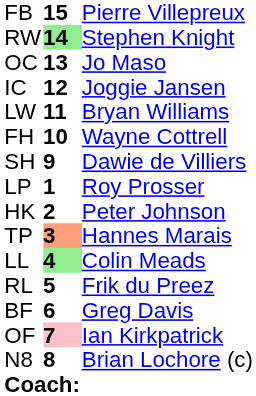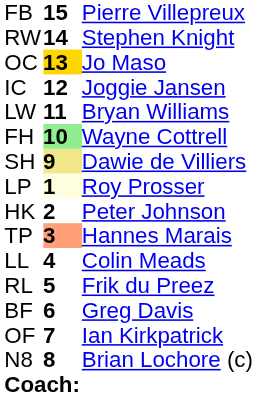 <table cellspacing="0" cellpadding="0" style="font-size:90%; margin:0.2em auto;">
 <tr>
 <th width="25"></th>
 <th width="25"></th>
 </tr>
 <tr>
 <td>FB</td>
 <td><strong>15</strong></td>
 <td><a href='#'>Pierre Villepreux</a></td>
 </tr>
 <tr>
 <td>RW</td>
-<td style="background: lightgreen;"><strong>14</strong></td>
+<td><strong>14</strong></td>
 <td><a href='#'>Stephen Knight</a></td>
 </tr>
 <tr>
 <td>OC</td>
-<td><strong>13</strong></td>
+<td style="background: gold;"><strong>13</strong></td>
 <td><a href='#'>Jo Maso</a></td>
 </tr>
 <tr>
 <td>IC</td>
 <td><strong>12</strong></td>
 <td><a href='#'>Joggie Jansen</a></td>
 </tr>
 <tr>
 <td>LW</td>
 <td><strong>11</strong></td>
 <td><a href='#'>Bryan Williams</a></td>
 </tr>
 <tr>
 <td>FH</td>
-<td><strong>10</strong></td>
+<td style="background: lightgreen;"><strong>10</strong></td>
 <td><a href='#'>Wayne Cottrell</a></td>
 </tr>
 <tr>
 <td>SH</td>
-<td><strong>9</strong></td>
+<td style="background: khaki;"><strong>9</strong></td>
 <td><a href='#'>Dawie de Villiers</a></td>
 </tr>
 <tr>
 <td>LP</td>
-<td><strong>1</strong></td>
+<td style="background: lightyellow;"><strong>1</strong></td>
 <td><a href='#'>Roy Prosser</a></td>
 </tr>
 <tr>
 <td>HK</td>
 <td><strong>2</strong></td>
 <td><a href='#'>Peter Johnson</a></td>
 </tr>
 <tr>
 <td>TP</td>
 <td style="background: lightsalmon;"><strong>3</strong></td>
 <td><a href='#'>Hannes Marais</a></td>
 </tr>
 <tr>
 <td>LL</td>
-<td style="background: lightgreen;"><strong>4</strong></td>
+<td><strong>4</strong></td>
 <td><a href='#'>Colin Meads</a></td>
 </tr>
 <tr>
 <td>RL</td>
 <td><strong>5</strong></td>
 <td><a href='#'>Frik du Preez</a></td>
 </tr>
 <tr>
 <td>BF</td>
 <td><strong>6</strong></td>
 <td><a href='#'>Greg Davis</a></td>
 </tr>
 <tr>
 <td>OF</td>
-<td style="background: pink;"><strong>7</strong></td>
+<td><strong>7</strong></td>
 <td><a href='#'>Ian Kirkpatrick</a></td>
 </tr>
 <tr>
 <td>N8</td>
 <td><strong>8</strong></td>
 <td><a href='#'>Brian Lochore</a> (c)</td>
 </tr>
 <tr>
 <td colspan="3"><strong>Coach:</strong></td>
 </tr>
 <tr>
 <td colspan="4"></td>
 </tr>
 <tr>
 </tr>
 </table>
